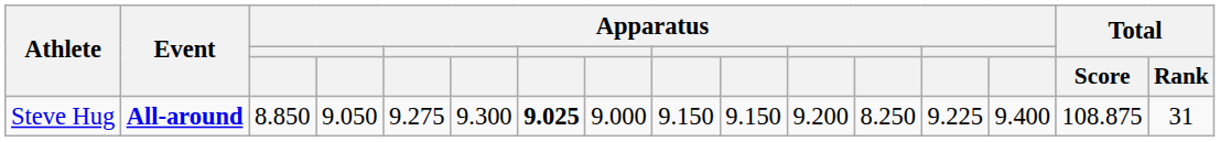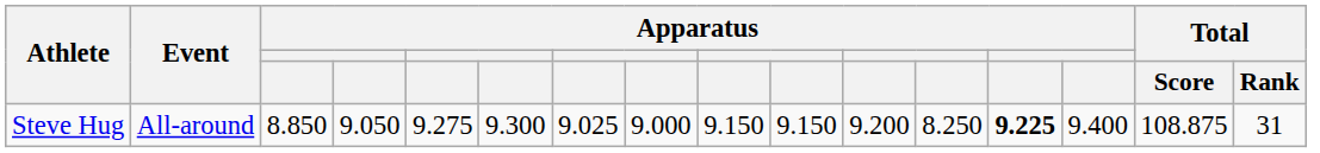 <table class=wikitable style=font-size:90%;text-align:center>
 <tr>
 <th rowspan=3>Athlete</th>
 <th rowspan=3>Event</th>
 <th colspan=12>Apparatus</th>
 <th colspan=2 rowspan=2>Total</th>
 </tr>
 <tr style=font-size:95%>
 <th colspan=2></th>
 <th colspan=2></th>
 <th colspan=2></th>
 <th colspan=2></th>
 <th colspan=2></th>
 <th colspan=2></th>
 </tr>
 <tr style=font-size:95%>
 <th></th>
 <th></th>
 <th></th>
 <th></th>
 <th></th>
 <th></th>
 <th></th>
 <th></th>
 <th></th>
 <th></th>
 <th></th>
 <th></th>
 <th>Score</th>
 <th>Rank</th>
 </tr>
 <tr>
 <td align=left><a href='#'>Steve Hug</a></td>
-<td align=left><strong><a href='#'>All-around</a></strong></td>
+<td align=left><a href='#'>All-around</a></td>
 <td>8.850</td>
 <td>9.050</td>
 <td>9.275</td>
 <td>9.300</td>
-<td><strong>9.025</strong></td>
+<td>9.025</td>
 <td>9.000</td>
 <td>9.150</td>
 <td>9.150</td>
 <td>9.200</td>
 <td>8.250</td>
-<td>9.225</td>
+<td><strong>9.225</strong></td>
 <td>9.400</td>
 <td>108.875</td>
 <td>31</td>
 </tr>
 </table>
